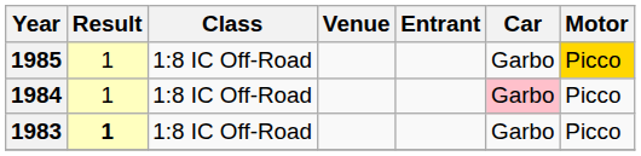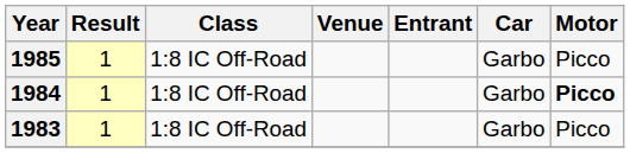 <table class="wikitable" style="font-size: 90%">
 <tr>
 <th>Year</th>
 <th>Result</th>
 <th>Class</th>
 <th>Venue</th>
 <th>Entrant</th>
 <th>Car</th>
 <th>Motor</th>
 </tr>
 <tr>
 <th>1985</th>
 <td align=center style="background:#FFFFBF;">1</td>
 <td>1:8 IC Off-Road</td>
 <td></td>
 <td></td>
 <td>Garbo</td>
-<td style="background: gold;">Picco</td>
+<td>Picco</td>
 </tr>
 <tr>
 <th>1984</th>
 <td align=center style="background:#FFFFBF;">1</td>
 <td>1:8 IC Off-Road</td>
 <td></td>
 <td></td>
-<td style="background: pink;">Garbo</td>
-<td>Picco</td>
+<td>Garbo</td>
+<td><strong>Picco</strong></td>
 </tr>
 <tr>
 <th>1983</th>
-<td align=center style="background:#FFFFBF;"><strong>1</strong></td>
+<td align=center style="background:#FFFFBF;">1</td>
 <td>1:8 IC Off-Road</td>
 <td></td>
 <td></td>
 <td>Garbo</td>
 <td>Picco</td>
 </tr>
 <tr>
 </tr>
 </table>
